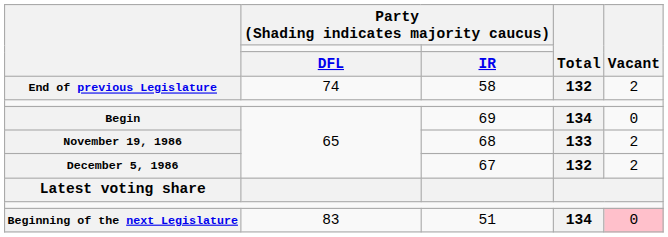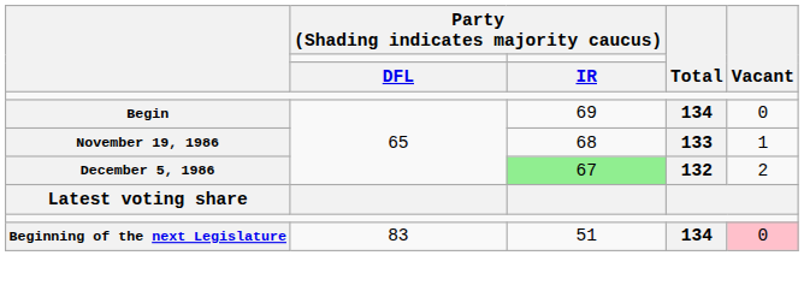 <table class=wikitable style="text-align:center">
 <tr style="vertical-align:bottom;">
 <th rowspan=3></th>
 <th colspan=2>Party <div>(Shading indicates majority caucus)</div></th>
 <th rowspan=3>Total</th>
 <th rowspan=3>Vacant</th>
 </tr>
 <tr style="height:5px">
 <td style="background-color:"></td>
 <td style="background-color:"></td>
 </tr>
 <tr>
 <th><a href='#'>DFL</a></th>
 <th><a href='#'>IR</a></th>
 </tr>
 <tr>
-<th style="white-space:nowrap; font-size:80%;">End of <a href='#'>previous Legislature</a></th>
-<td>74</td>
-<td>58</td>
-<th>132</th>
-<td>2</td>
-</tr>
-<tr>
 <td colspan=5></td>
 </tr>
 <tr>
 <th style="font-size:80%">Begin</th>
 <td rowspan="3">65</td>
 <td>69</td>
 <th>134</th>
 <td>0</td>
 </tr>
 <tr>
 <th style="font-size:80%">November 19, 1986 </th>
 <td>68</td>
 <th>133</th>
-<td>2</td>
+<td>1</td>
 </tr>
 <tr>
 <th style="font-size:80%">December 5, 1986 </th>
-<td>67</td>
+<td style="background: lightgreen;">67</td>
 <th>132</th>
 <td>2</td>
 </tr>
 <tr>
 <th>Latest voting share</th>
 <th></th>
 <th></th>
 <th colspan=2></th>
 </tr>
 <tr>
 <td colspan=5></td>
 </tr>
 <tr>
 <th style="white-space:nowrap; font-size:80%;">Beginning of the <a href='#'>next Legislature</a></th>
 <td>83</td>
 <td>51</td>
 <th>134</th>
 <td style="background: pink;">0</td>
 </tr>
 </table>
